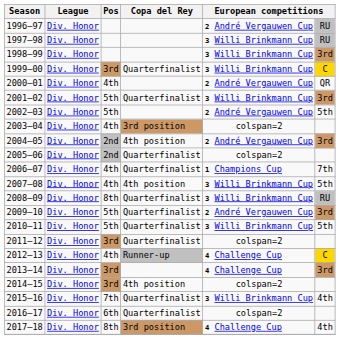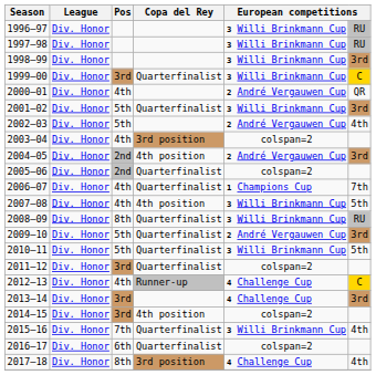 <table class=wikitable style="text-align:center; font-size:85%">
 <tr>
 <th>Season</th>
 <th>League</th>
 <th>Pos</th>
 <th>Copa del Rey</th>
 <th colspan=2>European competitions</th>
 </tr>
 <tr>
 <td>1996–97</td>
 <td align=left><a href='#'>Div. Honor</a></td>
 <td></td>
 <td></td>
-<td align=left><small><strong>2</strong></small> <a href='#'>André Vergauwen Cup</a></td>
+<td align=left><small><strong>3</strong></small> <a href='#'>Willi Brinkmann Cup</a></td>
 <td bgcolor=silver>RU</td>
 </tr>
 <tr>
 <td>1997–98</td>
 <td align=left><a href='#'>Div. Honor</a></td>
 <td></td>
 <td></td>
 <td align=left><small><strong>3</strong></small> <a href='#'>Willi Brinkmann Cup</a></td>
 <td bgcolor=silver>RU</td>
 </tr>
 <tr>
 <td>1998–99</td>
 <td align=left><a href='#'>Div. Honor</a></td>
 <td></td>
 <td></td>
 <td align=left><small><strong>3</strong></small> <a href='#'>Willi Brinkmann Cup</a></td>
 <td bgcolor=#cc9966>3rd</td>
 </tr>
 <tr>
 <td>1999–00</td>
 <td align=left><a href='#'>Div. Honor</a></td>
 <td bgcolor=#cc9966>3rd</td>
 <td align=left>Quarterfinalist</td>
 <td align=left><small><strong>3</strong></small> <a href='#'>Willi Brinkmann Cup</a></td>
 <td bgcolor=gold>C</td>
 </tr>
 <tr>
 <td>2000–01</td>
 <td align=left><a href='#'>Div. Honor</a></td>
 <td>4th</td>
 <td></td>
 <td align=left><small><strong>2</strong></small> <a href='#'>André Vergauwen Cup</a></td>
 <td>QR</td>
 </tr>
 <tr>
 <td>2001–02</td>
 <td align=left><a href='#'>Div. Honor</a></td>
 <td>5th</td>
 <td align=left>Quarterfinalist</td>
 <td align=left><small><strong>3</strong></small> <a href='#'>Willi Brinkmann Cup</a></td>
 <td bgcolor=#cc9966>3rd</td>
 </tr>
 <tr>
 <td>2002–03</td>
 <td align=left><a href='#'>Div. Honor</a></td>
 <td>5th</td>
 <td></td>
 <td align=left><small><strong>2</strong></small> <a href='#'>André Vergauwen Cup</a></td>
-<td>5th</td>
+<td>4th</td>
 </tr>
 <tr>
 <td>2003–04</td>
 <td align=left><a href='#'>Div. Honor</a></td>
 <td>4th</td>
 <td align=left bgcolor=#cc9966>3rd position</td>
 <td>colspan=2 </td>
 </tr>
 <tr>
 <td>2004–05</td>
 <td align=left><a href='#'>Div. Honor</a></td>
 <td bgcolor=silver>2nd</td>
 <td align=left>4th position</td>
 <td align=left><small><strong>2</strong></small> <a href='#'>André Vergauwen Cup</a></td>
 <td bgcolor=#cc9966>3rd</td>
 </tr>
 <tr>
 <td>2005–06</td>
 <td align=left><a href='#'>Div. Honor</a></td>
 <td bgcolor=silver>2nd</td>
 <td align=left>Quarterfinalist</td>
 <td>colspan=2 </td>
 </tr>
 <tr>
 <td>2006–07</td>
 <td align=left><a href='#'>Div. Honor</a></td>
 <td>4th</td>
 <td align=left>Quarterfinalist</td>
 <td align=left><small><strong>1</strong></small> <a href='#'>Champions Cup</a></td>
 <td>7th</td>
 </tr>
 <tr>
 <td>2007–08</td>
 <td align=left><a href='#'>Div. Honor</a></td>
 <td>4th</td>
 <td align=left>4th position</td>
 <td align=left><small><strong>3</strong></small> <a href='#'>Willi Brinkmann Cup</a></td>
 <td>5th</td>
 </tr>
 <tr>
 <td>2008–09</td>
 <td align=left><a href='#'>Div. Honor</a></td>
 <td>8th</td>
 <td align=left>Quarterfinalist</td>
 <td align=left><small><strong>3</strong></small> <a href='#'>Willi Brinkmann Cup</a></td>
 <td bgcolor=silver>RU</td>
 </tr>
 <tr>
 <td>2009–10</td>
 <td align=left><a href='#'>Div. Honor</a></td>
 <td>5th</td>
 <td align=left>Quarterfinalist</td>
 <td align=left><small><strong>2</strong></small> <a href='#'>André Vergauwen Cup</a></td>
 <td bgcolor=#cc9966>3rd</td>
 </tr>
 <tr>
 <td>2010–11</td>
 <td align=left><a href='#'>Div. Honor</a></td>
 <td>5th</td>
 <td align=left>Quarterfinalist</td>
 <td align=left><small><strong>3</strong></small> <a href='#'>Willi Brinkmann Cup</a></td>
 <td>5th</td>
 </tr>
 <tr>
 <td>2011–12</td>
 <td align=left><a href='#'>Div. Honor</a></td>
 <td bgcolor=#cc9966>3rd</td>
 <td align=left>Quarterfinalist</td>
 <td>colspan=2 </td>
 </tr>
 <tr>
 <td>2012–13</td>
 <td align=left><a href='#'>Div. Honor</a></td>
 <td>4th</td>
 <td bgcolor=silver align=left>Runner-up</td>
 <td align=left><small><strong>4</strong></small> <a href='#'>Challenge Cup</a></td>
 <td bgcolor=gold>C</td>
 </tr>
 <tr>
 <td>2013–14</td>
 <td align=left><a href='#'>Div. Honor</a></td>
 <td bgcolor=#cc9966>3rd</td>
 <td></td>
 <td align=left><small><strong>4</strong></small> <a href='#'>Challenge Cup</a></td>
 <td bgcolor=#cc9966>3rd</td>
 </tr>
 <tr>
 <td>2014–15</td>
 <td align=left><a href='#'>Div. Honor</a></td>
 <td bgcolor=#cc9966>3rd</td>
 <td align=left>4th position</td>
 <td>colspan=2 </td>
 </tr>
 <tr>
 <td>2015–16</td>
 <td align=left><a href='#'>Div. Honor</a></td>
 <td>7th</td>
 <td>Quarterfinalist</td>
 <td align=left><small><strong>3</strong></small> <a href='#'>Willi Brinkmann Cup</a></td>
 <td>4th</td>
 </tr>
 <tr>
 <td>2016–17</td>
 <td align=left><a href='#'>Div. Honor</a></td>
 <td>6th</td>
 <td>Quarterfinalist</td>
 <td>colspan=2 </td>
 </tr>
 <tr>
 <td>2017–18</td>
 <td align=left><a href='#'>Div. Honor</a></td>
 <td>8th</td>
 <td align=left bgcolor=#cc9966>3rd position</td>
 <td align=left><small><strong>4</strong></small> <a href='#'>Challenge Cup</a></td>
 <td>4th</td>
 </tr>
 <tr>
 </tr>
 </table>
